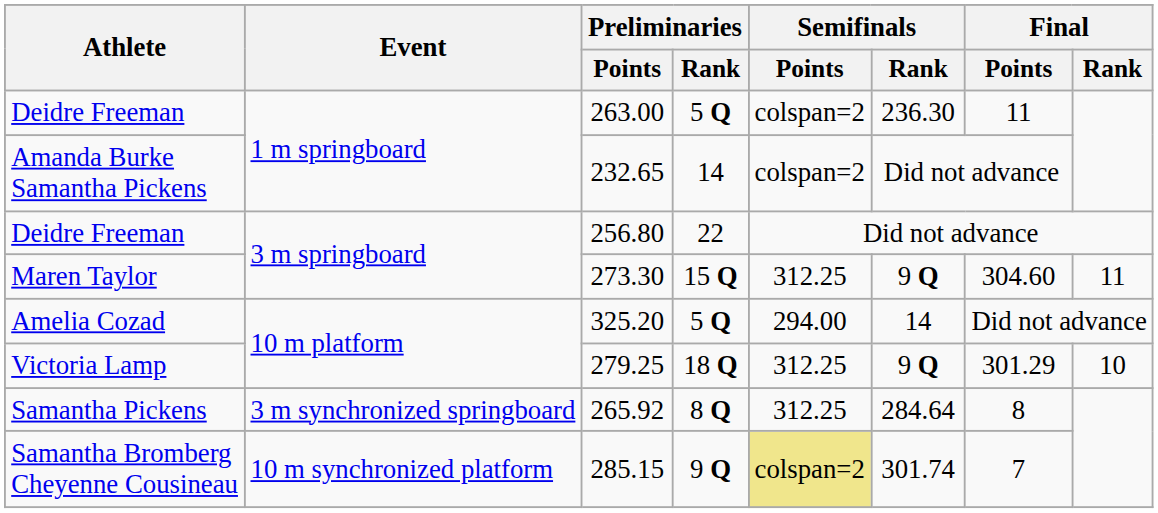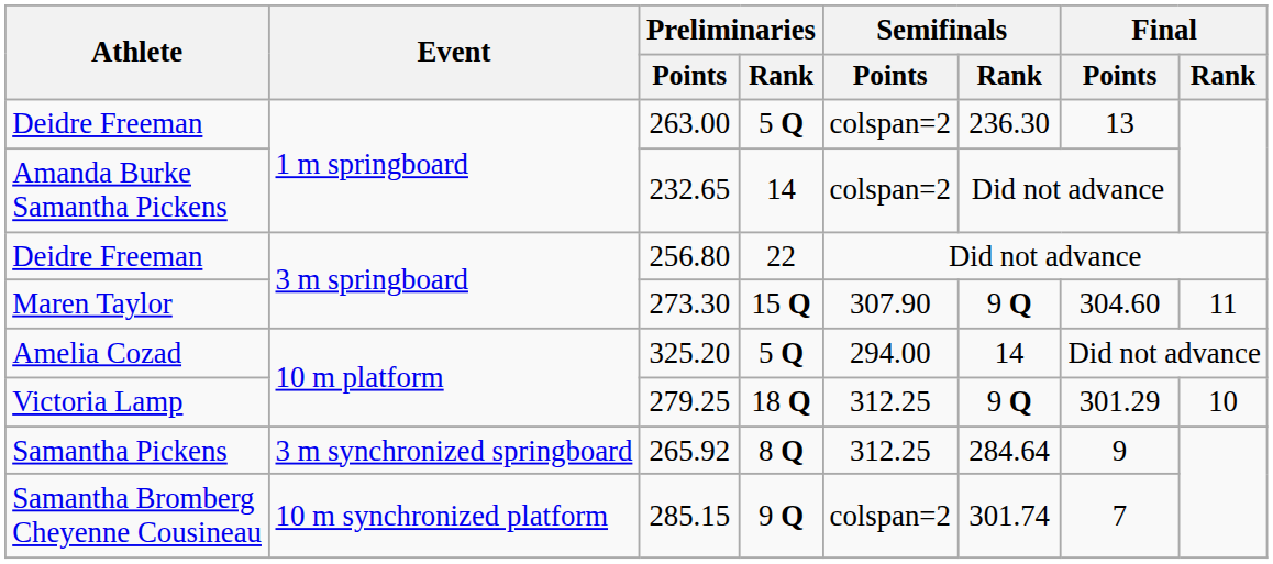 <table class=wikitable style="font-size:90%;">
 <tr>
 <th rowspan="2">Athlete</th>
 <th rowspan="2">Event</th>
 <th colspan="2">Preliminaries</th>
 <th colspan="2">Semifinals</th>
 <th colspan="2">Final</th>
 </tr>
 <tr style="font-size:95%">
 <th>Points</th>
 <th>Rank</th>
 <th>Points</th>
 <th>Rank</th>
 <th>Points</th>
 <th>Rank</th>
 </tr>
 <tr align=center>
 <td align=left><a href='#'>Deidre Freeman</a></td>
 <td align=left rowspan=2><a href='#'>1 m springboard</a></td>
 <td>263.00</td>
 <td>5 <strong>Q</strong></td>
 <td>colspan=2 </td>
 <td>236.30</td>
-<td>11</td>
+<td>13</td>
 </tr>
 <tr align=center>
 <td align=left><a href='#'>Amanda Burke</a><br><a href='#'>Samantha Pickens</a></td>
 <td>232.65</td>
 <td>14</td>
 <td>colspan=2 </td>
 <td colspan=2>Did not advance</td>
 </tr>
 <tr align=center>
 <td align=left><a href='#'>Deidre Freeman</a></td>
 <td align=left rowspan=2><a href='#'>3 m springboard</a></td>
 <td>256.80</td>
 <td>22</td>
 <td colspan=4>Did not advance</td>
 </tr>
 <tr align=center>
 <td align=left><a href='#'>Maren Taylor</a></td>
 <td>273.30</td>
 <td>15 <strong>Q</strong></td>
-<td>312.25</td>
+<td>307.90</td>
 <td>9 <strong>Q</strong></td>
 <td>304.60</td>
 <td>11</td>
 </tr>
 <tr align=center>
 <td align=left><a href='#'>Amelia Cozad</a></td>
 <td align=left rowspan=2><a href='#'>10 m platform</a></td>
 <td>325.20</td>
 <td>5 <strong>Q</strong></td>
 <td>294.00</td>
 <td>14</td>
 <td colspan=2>Did not advance</td>
 </tr>
 <tr align=center>
 <td align=left><a href='#'>Victoria Lamp</a></td>
 <td>279.25</td>
 <td>18 <strong>Q</strong></td>
 <td>312.25</td>
 <td>9 <strong>Q</strong></td>
 <td>301.29</td>
 <td>10</td>
 </tr>
 <tr align=center>
 <td align=left><a href='#'>Samantha Pickens</a></td>
 <td align=left><a href='#'>3 m synchronized springboard</a></td>
 <td>265.92</td>
 <td>8 <strong>Q</strong></td>
 <td>312.25</td>
 <td>284.64</td>
-<td>8</td>
+<td>9</td>
 </tr>
 <tr align=center>
 <td align=left><a href='#'>Samantha Bromberg</a><br><a href='#'>Cheyenne Cousineau</a></td>
 <td align=left><a href='#'>10 m synchronized platform</a></td>
 <td>285.15</td>
 <td>9 <strong>Q</strong></td>
-<td style="background: khaki;">colspan=2 </td>
+<td>colspan=2 </td>
 <td>301.74</td>
 <td>7</td>
 </tr>
 </table>
